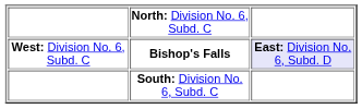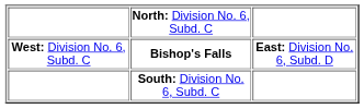 <table width ="75%" border ="2" align="center">
 <tr ---->
 <td width ="35%" align="center"></td>
 <td width ="30%" align="center"><strong>North:</strong> <a href='#'>Division No. 6, Subd. C</a></td>
 <td width ="35%" align="center"></td>
 </tr>
 <tr ---->
 <td width ="10%" align="center"><strong>West:</strong> <a href='#'>Division No. 6, Subd. C</a> <br></td>
 <td width ="35%" align="center"><strong>Bishop's Falls</strong><br></td>
-<td width ="30%" align="center" style="background: lavender;"><strong>East:</strong> <a href='#'>Division No. 6, Subd. D</a></td>
+<td width ="30%" align="center"><strong>East:</strong> <a href='#'>Division No. 6, Subd. D</a></td>
 </tr>
 <tr ---->
 <td width ="35%" align="center"></td>
 <td width ="30%" align="center"><strong>South:</strong> <a href='#'>Division No. 6, Subd. C</a></td>
 <td width ="35%" align="center"></td>
 </tr>
 </table>
